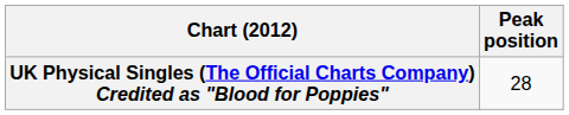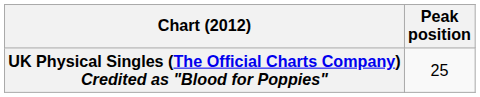 <table class="wikitable plainrowheaders">
 <tr>
 <th scope="col">Chart (2012)</th>
 <th scope="col">Peak<br>position</th>
 </tr>
 <tr>
 <th scope="row">UK Physical Singles (<a href='#'>The Official Charts Company</a>)<br><em>Credited as "Blood for Poppies"</em></th>
-<td align="center">28</td>
+<td align="center">25</td>
 </tr>
 </table>
